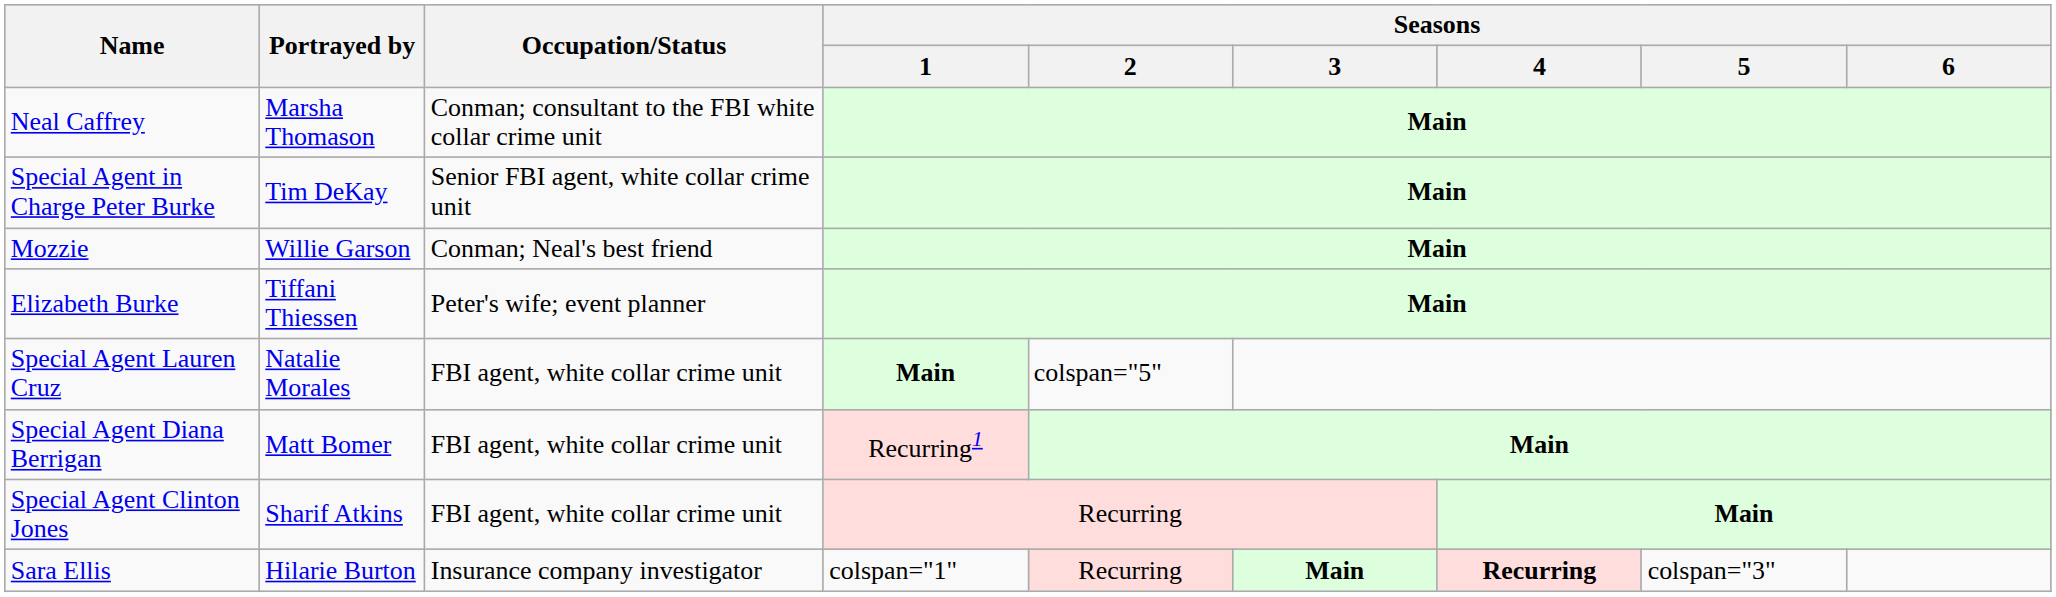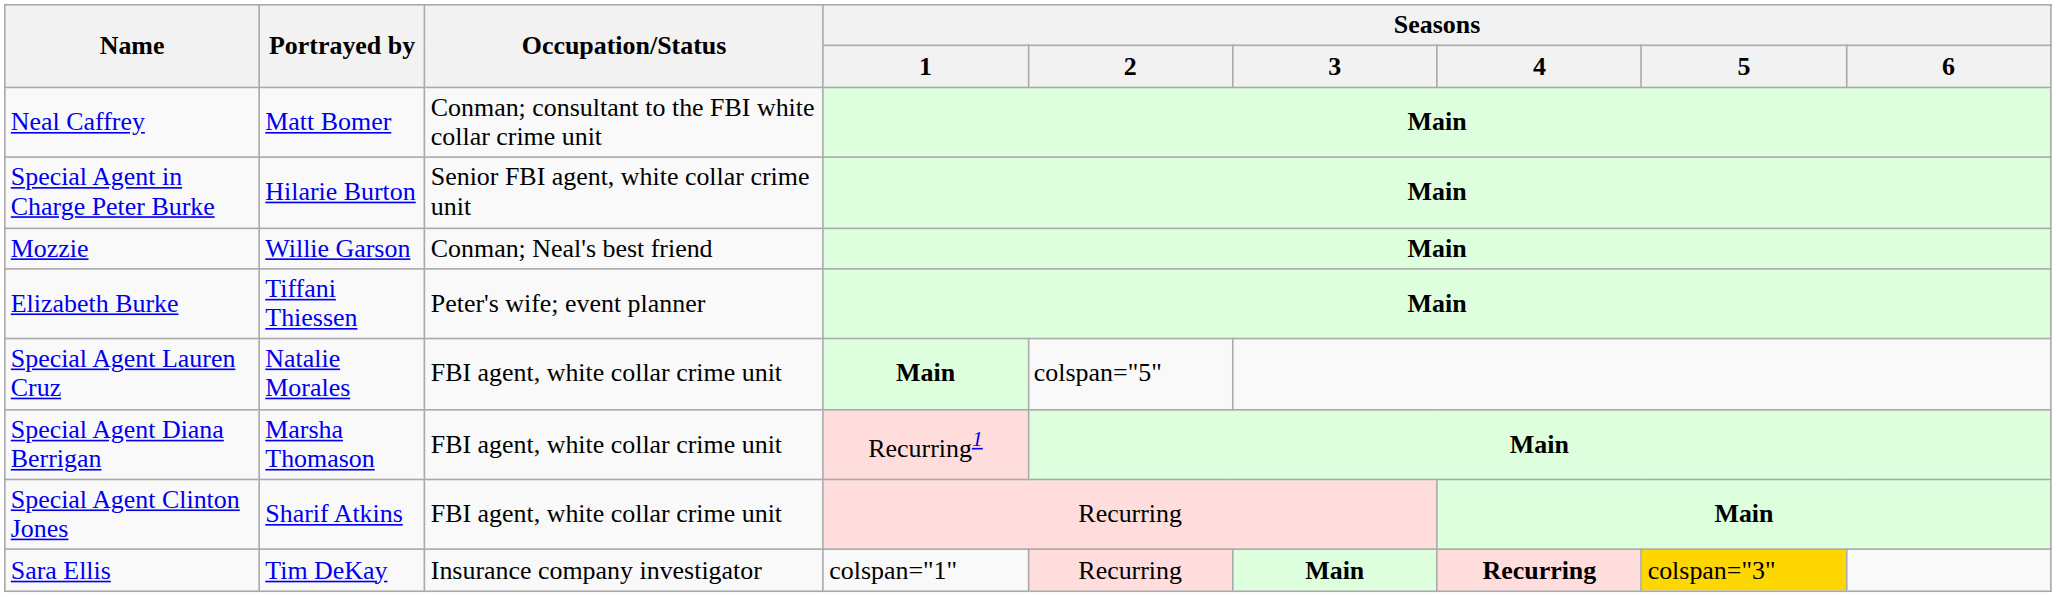 <table class="wikitable" width="100%">
 <tr>
 <th rowspan="2">Name</th>
 <th rowspan="2">Portrayed by</th>
 <th rowspan="2">Occupation/Status</th>
 <th colspan="6">Seasons</th>
 </tr>
 <tr>
 <th width="10%">1</th>
 <th width="10%">2</th>
 <th width="10%">3</th>
 <th width="10%">4</th>
 <th width="10%">5</th>
 <th width="10%">6</th>
 </tr>
 <tr>
 <td><a href='#'>Neal Caffrey</a></td>
-<td><a href='#'>Marsha Thomason</a></td>
+<td><a href='#'>Matt Bomer</a></td>
 <td>Conman; consultant to the FBI white collar crime unit</td>
 <td style="background: #ddffdd" colspan="6" align="center"><strong>Main</strong></td>
 </tr>
 <tr>
 <td><a href='#'>Special Agent in Charge Peter Burke</a></td>
-<td><a href='#'>Tim DeKay</a></td>
+<td><a href='#'>Hilarie Burton</a></td>
 <td>Senior FBI agent, white collar crime unit</td>
 <td style="background: #ddffdd" colspan="6" align="center"><strong>Main</strong></td>
 </tr>
 <tr>
 <td><a href='#'>Mozzie</a></td>
 <td><a href='#'>Willie Garson</a></td>
 <td>Conman; Neal's best friend</td>
 <td style="background: #ddffdd" colspan="6" align="center"><strong>Main</strong></td>
 </tr>
 <tr>
 <td><a href='#'>Elizabeth Burke</a></td>
 <td><a href='#'>Tiffani Thiessen</a></td>
 <td>Peter's wife; event planner</td>
 <td style="background: #ddffdd" colspan="6" align="center"><strong>Main</strong></td>
 </tr>
 <tr>
 <td><a href='#'>Special Agent Lauren Cruz</a></td>
 <td><a href='#'>Natalie Morales</a></td>
 <td>FBI agent, white collar crime unit</td>
 <td style="background: #ddffdd" colspan="1" align="center"><strong>Main</strong></td>
 <td>colspan="5" </td>
 </tr>
 <tr>
 <td><a href='#'>Special Agent Diana Berrigan</a></td>
-<td><a href='#'>Matt Bomer</a></td>
+<td><a href='#'>Marsha Thomason</a></td>
 <td>FBI agent, white collar crime unit</td>
 <td style="background: #ffdddd" colspan="1" align="center">Recurring<cite><em><sup><a href='#'>1</a></sup></em></cite></td>
 <td style="background: #ddffdd" colspan="5" align="center"><strong>Main</strong></td>
 </tr>
 <tr>
 <td><a href='#'>Special Agent Clinton Jones</a></td>
 <td><a href='#'>Sharif Atkins</a></td>
 <td>FBI agent, white collar crime unit</td>
 <td style="background: #ffdddd" colspan="3" align="center">Recurring</td>
 <td style="background: #ddffdd" colspan="3" align="center"><strong>Main</strong></td>
 </tr>
 <tr>
 <td><a href='#'>Sara Ellis</a></td>
-<td><a href='#'>Hilarie Burton</a></td>
+<td><a href='#'>Tim DeKay</a></td>
 <td>Insurance company investigator</td>
 <td>colspan="1" </td>
 <td style="background: #ffdddd" colspan="1" align="center">Recurring</td>
 <td style="background: #ddffdd" colspan="1" align="center"><strong>Main</strong></td>
 <td style="background: #ffdddd" colspan="1" align="center"><strong>Recurring</strong></td>
-<td>colspan="3" </td>
+<td style="background: gold;">colspan="3" </td>
 </tr>
 </table>
